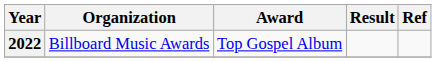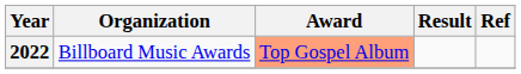 <table class="wikitable plainrowheaders">
 <tr>
 <th>Year</th>
 <th>Organization</th>
 <th>Award</th>
 <th>Result</th>
 <th>Ref</th>
 </tr>
 <tr>
 <th scope="row">2022</th>
 <td><a href='#'>Billboard Music Awards</a></td>
-<td><a href='#'>Top Gospel Album</a></td>
+<td style="background: lightsalmon;"><a href='#'>Top Gospel Album</a></td>
 <td></td>
 <td></td>
 </tr>
 <tr>
 </tr>
 </table>
